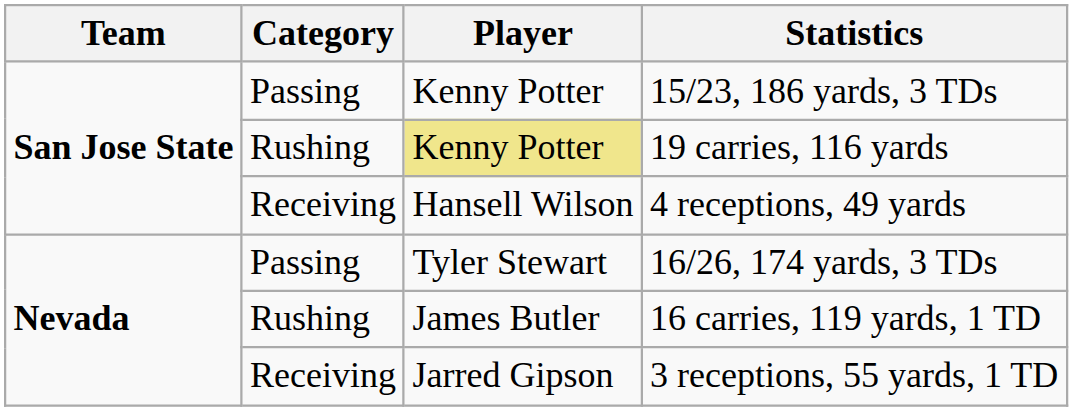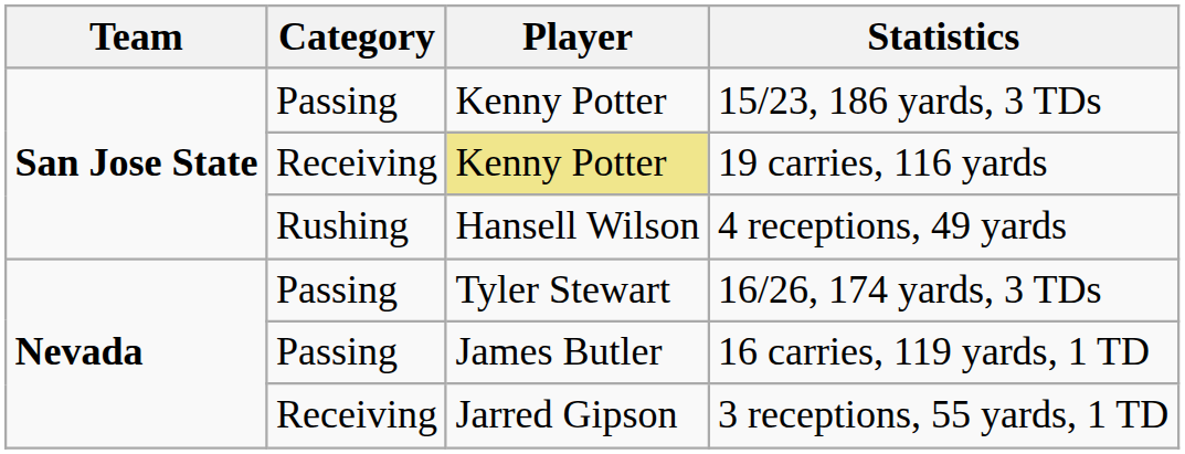 <table class="wikitable" style="float: left;">
 <tr>
 <th>Team</th>
 <th>Category</th>
 <th>Player</th>
 <th>Statistics</th>
 </tr>
 <tr>
 <td rowspan=3><strong>San Jose State</strong></td>
 <td>Passing</td>
 <td>Kenny Potter</td>
 <td>15/23, 186 yards, 3 TDs</td>
 </tr>
 <tr>
-<td>Rushing</td>
+<td>Receiving</td>
 <td style="background: khaki;">Kenny Potter</td>
 <td>19 carries, 116 yards</td>
 </tr>
 <tr>
-<td>Receiving</td>
+<td>Rushing</td>
 <td>Hansell Wilson</td>
 <td>4 receptions, 49 yards</td>
 </tr>
 <tr>
 <td rowspan=3><strong>Nevada</strong></td>
 <td>Passing</td>
 <td>Tyler Stewart</td>
 <td>16/26, 174 yards, 3 TDs</td>
 </tr>
 <tr>
-<td>Rushing</td>
+<td>Passing</td>
 <td>James Butler</td>
 <td>16 carries, 119 yards, 1 TD</td>
 </tr>
 <tr>
 <td>Receiving</td>
 <td>Jarred Gipson</td>
 <td>3 receptions, 55 yards, 1 TD</td>
 </tr>
 </table>
